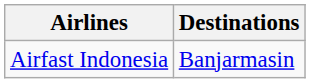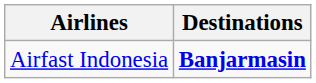 <table class="wikitable">
 <tr>
 <th>Airlines</th>
 <th>Destinations</th>
 </tr>
 <tr>
 <td><a href='#'>Airfast Indonesia</a></td>
-<td><a href='#'>Banjarmasin</a></td>
+<td><strong><a href='#'>Banjarmasin</a></strong></td>
 </tr>
 </table>
